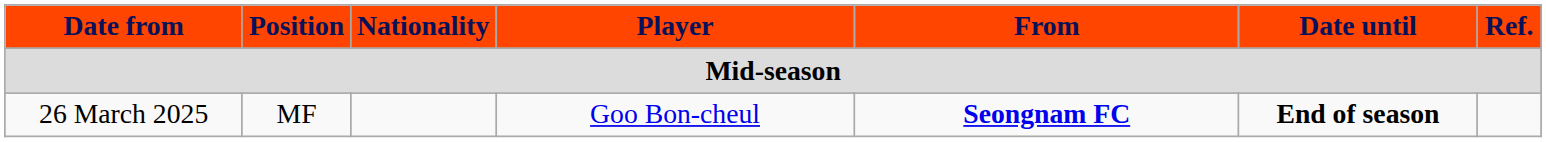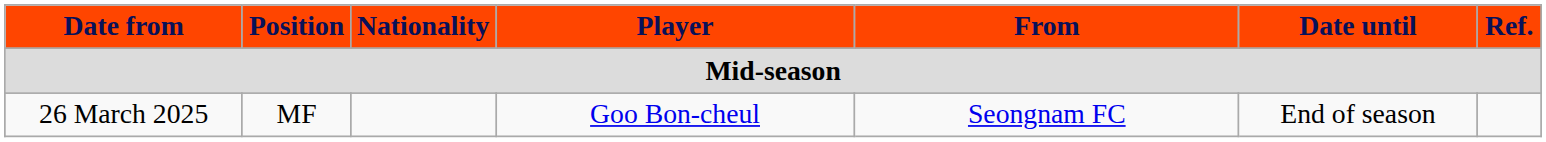 <table class="wikitable" style="text-align:center">
 <tr>
 <th style="background:#FF4500; color:#081159; width:130px;">Date from</th>
 <th style="background:#FF4500; color:#081159; width:50px;">Position</th>
 <th style="background:#FF4500; color:#081159; width:50px;">Nationality</th>
 <th style="background:#FF4500; color:#081159; width:200px;">Player</th>
 <th style="background:#FF4500; color:#081159; width:215px;">From</th>
 <th style="background:#FF4500; color:#081159; width:130px;">Date until</th>
 <th style="background:#FF4500; color:#081159; width:30px;">Ref.</th>
 </tr>
 <tr>
 <th colspan="7" style="background:#dcdcdc; text-align:center;">Mid-season</th>
 </tr>
 <tr>
 <td>26 March 2025</td>
 <td>MF</td>
 <td></td>
 <td><a href='#'>Goo Bon-cheul</a></td>
-<td><strong> <a href='#'>Seongnam FC</a></strong></td>
-<td><strong>End of season</strong></td>
+<td> <a href='#'>Seongnam FC</a></td>
+<td>End of season</td>
 <td></td>
 </tr>
 </table>
